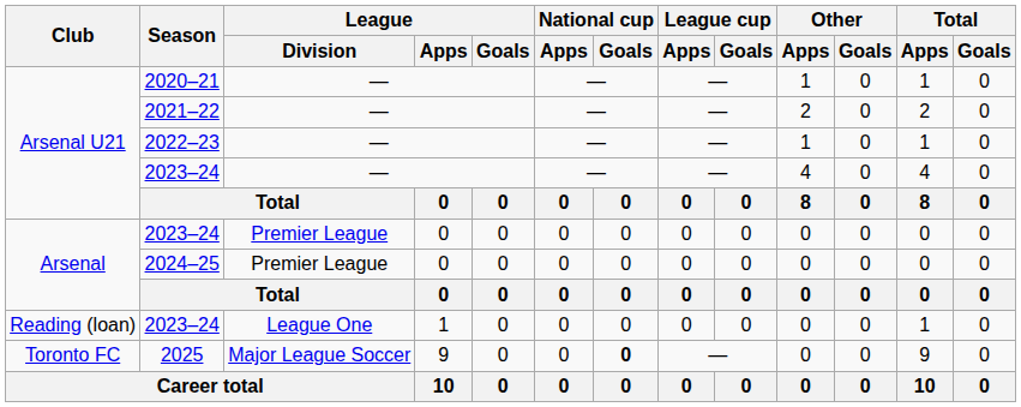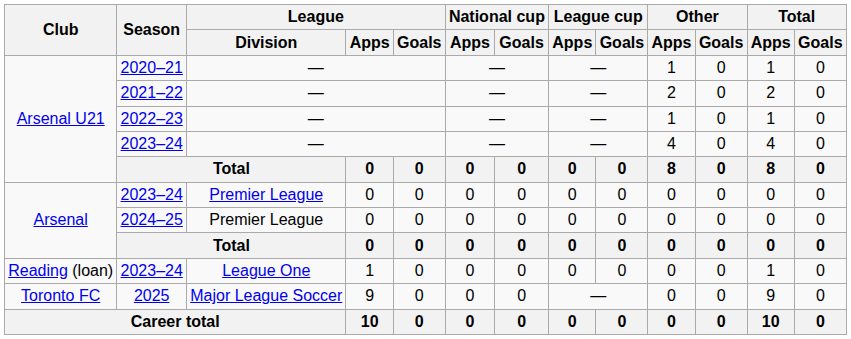 <table class="wikitable" style="text-align:center">
 <tr>
 <th rowspan="2">Club</th>
 <th rowspan="2">Season</th>
 <th colspan="3">League</th>
 <th colspan="2">National cup</th>
 <th colspan="2">League cup</th>
 <th colspan="2">Other</th>
 <th colspan="2">Total</th>
 </tr>
 <tr>
 <th>Division</th>
 <th>Apps</th>
 <th>Goals</th>
 <th>Apps</th>
 <th>Goals</th>
 <th>Apps</th>
 <th>Goals</th>
 <th>Apps</th>
 <th>Goals</th>
 <th>Apps</th>
 <th>Goals</th>
 </tr>
 <tr>
 <td rowspan="5"><a href='#'>Arsenal U21</a></td>
 <td><a href='#'>2020–21</a></td>
 <td colspan="3">—</td>
 <td colspan="2">—</td>
 <td colspan="2">—</td>
 <td>1</td>
 <td>0</td>
 <td>1</td>
 <td>0</td>
 </tr>
 <tr>
 <td><a href='#'>2021–22</a></td>
 <td colspan="3">—</td>
 <td colspan="2">—</td>
 <td colspan="2">—</td>
 <td>2</td>
 <td>0</td>
 <td>2</td>
 <td>0</td>
 </tr>
 <tr>
 <td><a href='#'>2022–23</a></td>
 <td colspan="3">—</td>
 <td colspan="2">—</td>
 <td colspan="2">—</td>
 <td>1</td>
 <td>0</td>
 <td>1</td>
 <td>0</td>
 </tr>
 <tr>
 <td><a href='#'>2023–24</a></td>
 <td colspan="3">—</td>
 <td colspan="2">—</td>
 <td colspan="2">—</td>
 <td>4</td>
 <td>0</td>
 <td>4</td>
 <td>0</td>
 </tr>
 <tr>
 <th colspan="2">Total</th>
 <th>0</th>
 <th>0</th>
 <th>0</th>
 <th>0</th>
 <th>0</th>
 <th>0</th>
 <th>8</th>
 <th>0</th>
 <th>8</th>
 <th>0</th>
 </tr>
 <tr>
 <td rowspan="3"><a href='#'>Arsenal</a></td>
 <td><a href='#'>2023–24</a></td>
 <td><a href='#'>Premier League</a></td>
 <td>0</td>
 <td>0</td>
 <td>0</td>
 <td>0</td>
 <td>0</td>
 <td>0</td>
 <td>0</td>
 <td>0</td>
 <td>0</td>
 <td>0</td>
 </tr>
 <tr>
 <td><a href='#'>2024–25</a></td>
 <td>Premier League</td>
 <td>0</td>
 <td>0</td>
 <td>0</td>
 <td>0</td>
 <td>0</td>
 <td>0</td>
 <td>0</td>
 <td>0</td>
 <td>0</td>
 <td>0</td>
 </tr>
 <tr>
 <th colspan="2">Total</th>
 <th>0</th>
 <th>0</th>
 <th>0</th>
 <th>0</th>
 <th>0</th>
 <th>0</th>
 <th>0</th>
 <th>0</th>
 <th>0</th>
 <th>0</th>
 </tr>
 <tr>
 <td><a href='#'>Reading</a> (loan)</td>
 <td><a href='#'>2023–24</a></td>
 <td><a href='#'>League One</a></td>
 <td>1</td>
 <td>0</td>
 <td>0</td>
 <td>0</td>
 <td>0</td>
 <td>0</td>
 <td>0</td>
 <td>0</td>
 <td>1</td>
 <td>0</td>
 </tr>
 <tr>
 <td><a href='#'>Toronto FC</a></td>
 <td><a href='#'>2025</a></td>
 <td><a href='#'>Major League Soccer</a></td>
 <td>9</td>
 <td>0</td>
 <td>0</td>
-<td><strong>0</strong></td>
+<td>0</td>
 <td colspan="2">—</td>
 <td>0</td>
 <td>0</td>
 <td>9</td>
 <td>0</td>
 </tr>
 <tr>
 <th colspan="3">Career total</th>
 <th>10</th>
 <th>0</th>
 <th>0</th>
 <th>0</th>
 <th>0</th>
 <th>0</th>
 <th>0</th>
 <th>0</th>
 <th>10</th>
 <th>0</th>
 </tr>
 </table>
